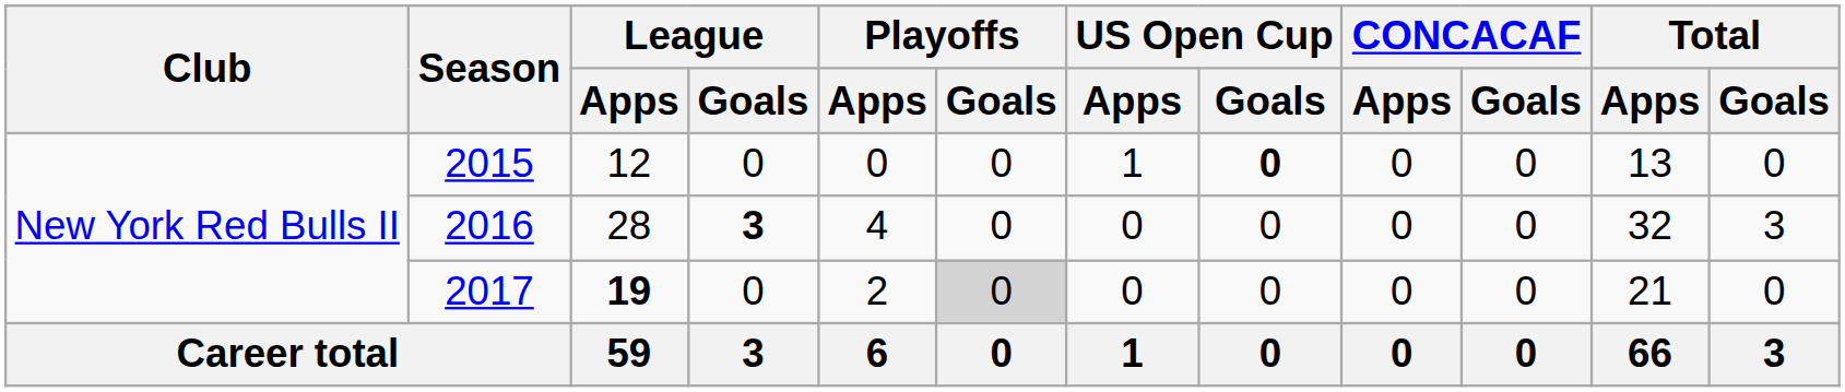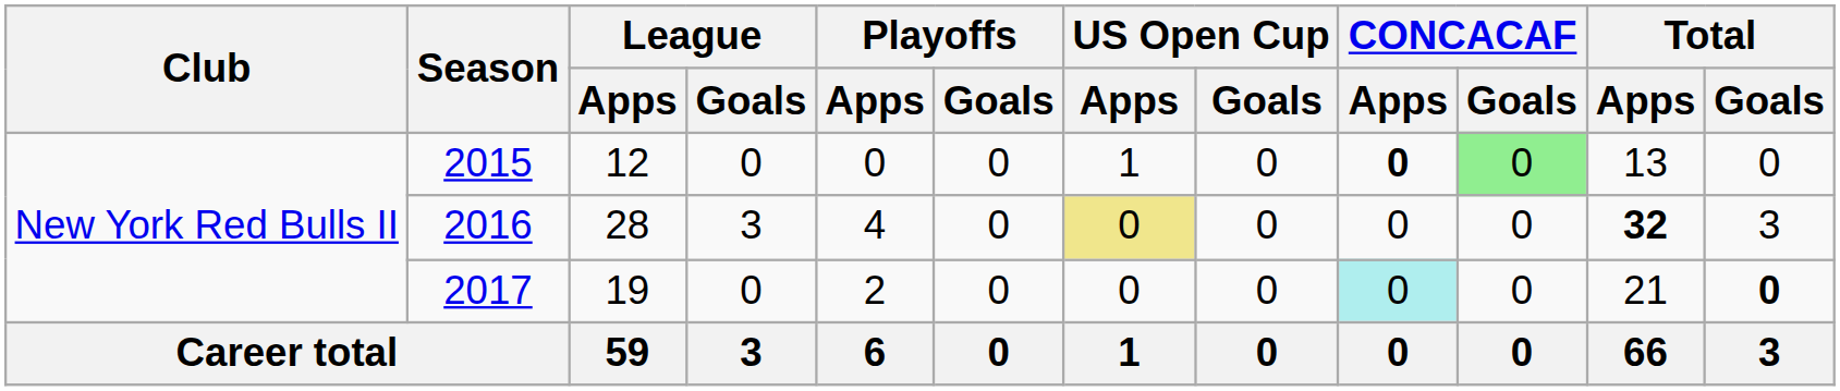 <table class="wikitable" style="text-align: center;">
 <tr>
 <th rowspan="2">Club</th>
 <th rowspan="2">Season</th>
 <th colspan="2">League</th>
 <th colspan="2">Playoffs</th>
 <th colspan="2">US Open Cup</th>
 <th colspan="2"><a href='#'>CONCACAF</a></th>
 <th colspan="2">Total</th>
 </tr>
 <tr>
 <th>Apps</th>
 <th>Goals</th>
 <th>Apps</th>
 <th>Goals</th>
 <th>Apps</th>
 <th>Goals</th>
 <th>Apps</th>
 <th>Goals</th>
 <th>Apps</th>
 <th>Goals</th>
 </tr>
 <tr>
 <td rowspan="3"><a href='#'>New York Red Bulls II</a></td>
 <td><a href='#'>2015</a></td>
 <td>12</td>
 <td>0</td>
 <td>0</td>
 <td>0</td>
 <td>1</td>
+<td>0</td>
 <td><strong>0</strong></td>
-<td>0</td>
-<td>0</td>
+<td style="background: lightgreen;">0</td>
 <td>13</td>
 <td>0</td>
 </tr>
 <tr>
 <td><a href='#'>2016</a></td>
 <td>28</td>
-<td><strong>3</strong></td>
+<td>3</td>
 <td>4</td>
+<td>0</td>
+<td style="background: khaki;">0</td>
 <td>0</td>
 <td>0</td>
 <td>0</td>
-<td>0</td>
-<td>0</td>
-<td>32</td>
+<td><strong>32</strong></td>
 <td>3</td>
 </tr>
 <tr>
 <td><a href='#'>2017</a></td>
-<td><strong>19</strong></td>
+<td>19</td>
 <td>0</td>
 <td>2</td>
-<td style="background: lightgrey;">0</td>
 <td>0</td>
 <td>0</td>
 <td>0</td>
+<td style="background: paleturquoise;">0</td>
 <td>0</td>
 <td>21</td>
-<td>0</td>
+<td><strong>0</strong></td>
 </tr>
 <tr>
 <th colspan="2">Career total</th>
 <th>59</th>
 <th>3</th>
 <th>6</th>
 <th>0</th>
 <th>1</th>
 <th>0</th>
 <th>0</th>
 <th>0</th>
 <th>66</th>
 <th>3</th>
 </tr>
 </table>
